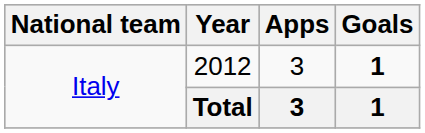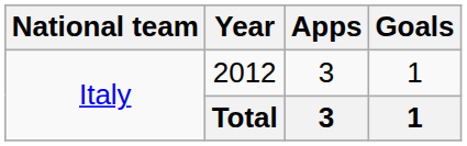 <table class="wikitable" style="text-align:center">
 <tr>
 <th>National team</th>
 <th>Year</th>
 <th>Apps</th>
 <th>Goals</th>
 </tr>
 <tr>
 <td rowspan="2"><a href='#'>Italy</a></td>
 <td>2012</td>
 <td>3</td>
-<td><strong>1</strong></td>
+<td>1</td>
 </tr>
 <tr>
 <th>Total</th>
 <th>3</th>
 <th>1</th>
 </tr>
 </table>
